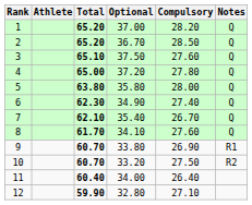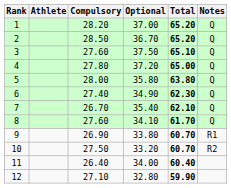 <table class="wikitable sortable" style="text-align:center;">
 <tr>
 <th>Rank</th>
 <th>Athlete</th>
+<th>Compulsory</th>
+<th>Optional</th>
 <th>Total</th>
-<th>Optional</th>
-<th>Compulsory</th>
 <th>Notes</th>
 </tr>
 <tr bgcolor=ccffcc>
 <td>1</td>
 <td align=left></td>
+<td>28.20</td>
+<td>37.00</td>
 <td><strong>65.20</strong></td>
-<td>37.00</td>
-<td>28.20</td>
 <td>Q</td>
 </tr>
 <tr bgcolor=ccffcc>
 <td>2</td>
 <td align=left></td>
+<td>28.50</td>
+<td>36.70</td>
 <td><strong>65.20</strong></td>
-<td>36.70</td>
-<td>28.50</td>
 <td>Q</td>
 </tr>
 <tr bgcolor=ccffcc>
 <td>3</td>
 <td align=left></td>
+<td>27.60</td>
+<td>37.50</td>
 <td><strong>65.10</strong></td>
-<td>37.50</td>
-<td>27.60</td>
 <td>Q</td>
 </tr>
 <tr bgcolor=ccffcc>
 <td>4</td>
 <td align=left></td>
+<td>27.80</td>
+<td>37.20</td>
 <td><strong>65.00</strong></td>
-<td>37.20</td>
-<td>27.80</td>
 <td>Q</td>
 </tr>
 <tr bgcolor=ccffcc>
 <td>5</td>
 <td align=left></td>
+<td>28.00</td>
+<td>35.80</td>
 <td><strong>63.80</strong></td>
-<td>35.80</td>
-<td>28.00</td>
 <td>Q</td>
 </tr>
 <tr bgcolor=ccffcc>
 <td>6</td>
 <td align=left></td>
+<td>27.40</td>
+<td>34.90</td>
 <td><strong>62.30</strong></td>
-<td>34.90</td>
-<td>27.40</td>
 <td>Q</td>
 </tr>
 <tr bgcolor=ccffcc>
 <td>7</td>
 <td align=left></td>
+<td>26.70</td>
+<td>35.40</td>
 <td><strong>62.10</strong></td>
-<td>35.40</td>
-<td>26.70</td>
 <td>Q</td>
 </tr>
 <tr bgcolor=ccffcc>
 <td>8</td>
 <td align=left></td>
+<td>27.60</td>
+<td>34.10</td>
 <td><strong>61.70</strong></td>
-<td>34.10</td>
-<td>27.60</td>
 <td>Q</td>
 </tr>
 <tr>
 <td>9</td>
 <td align=left></td>
+<td>26.90</td>
+<td>33.80</td>
 <td><strong>60.70</strong></td>
-<td>33.80</td>
-<td>26.90</td>
 <td>R1</td>
 </tr>
 <tr>
 <td>10</td>
 <td align=left></td>
+<td>27.50</td>
+<td>33.20</td>
 <td><strong>60.70</strong></td>
-<td>33.20</td>
-<td>27.50</td>
 <td>R2</td>
 </tr>
 <tr>
 <td>11</td>
 <td align=left></td>
+<td>26.40</td>
+<td>34.00</td>
 <td><strong>60.40</strong></td>
-<td>34.00</td>
-<td>26.40</td>
 <td></td>
 </tr>
 <tr>
 <td>12</td>
 <td align=left></td>
+<td>27.10</td>
+<td>32.80</td>
 <td><strong>59.90</strong></td>
-<td>32.80</td>
-<td>27.10</td>
 <td></td>
 </tr>
 </table>
